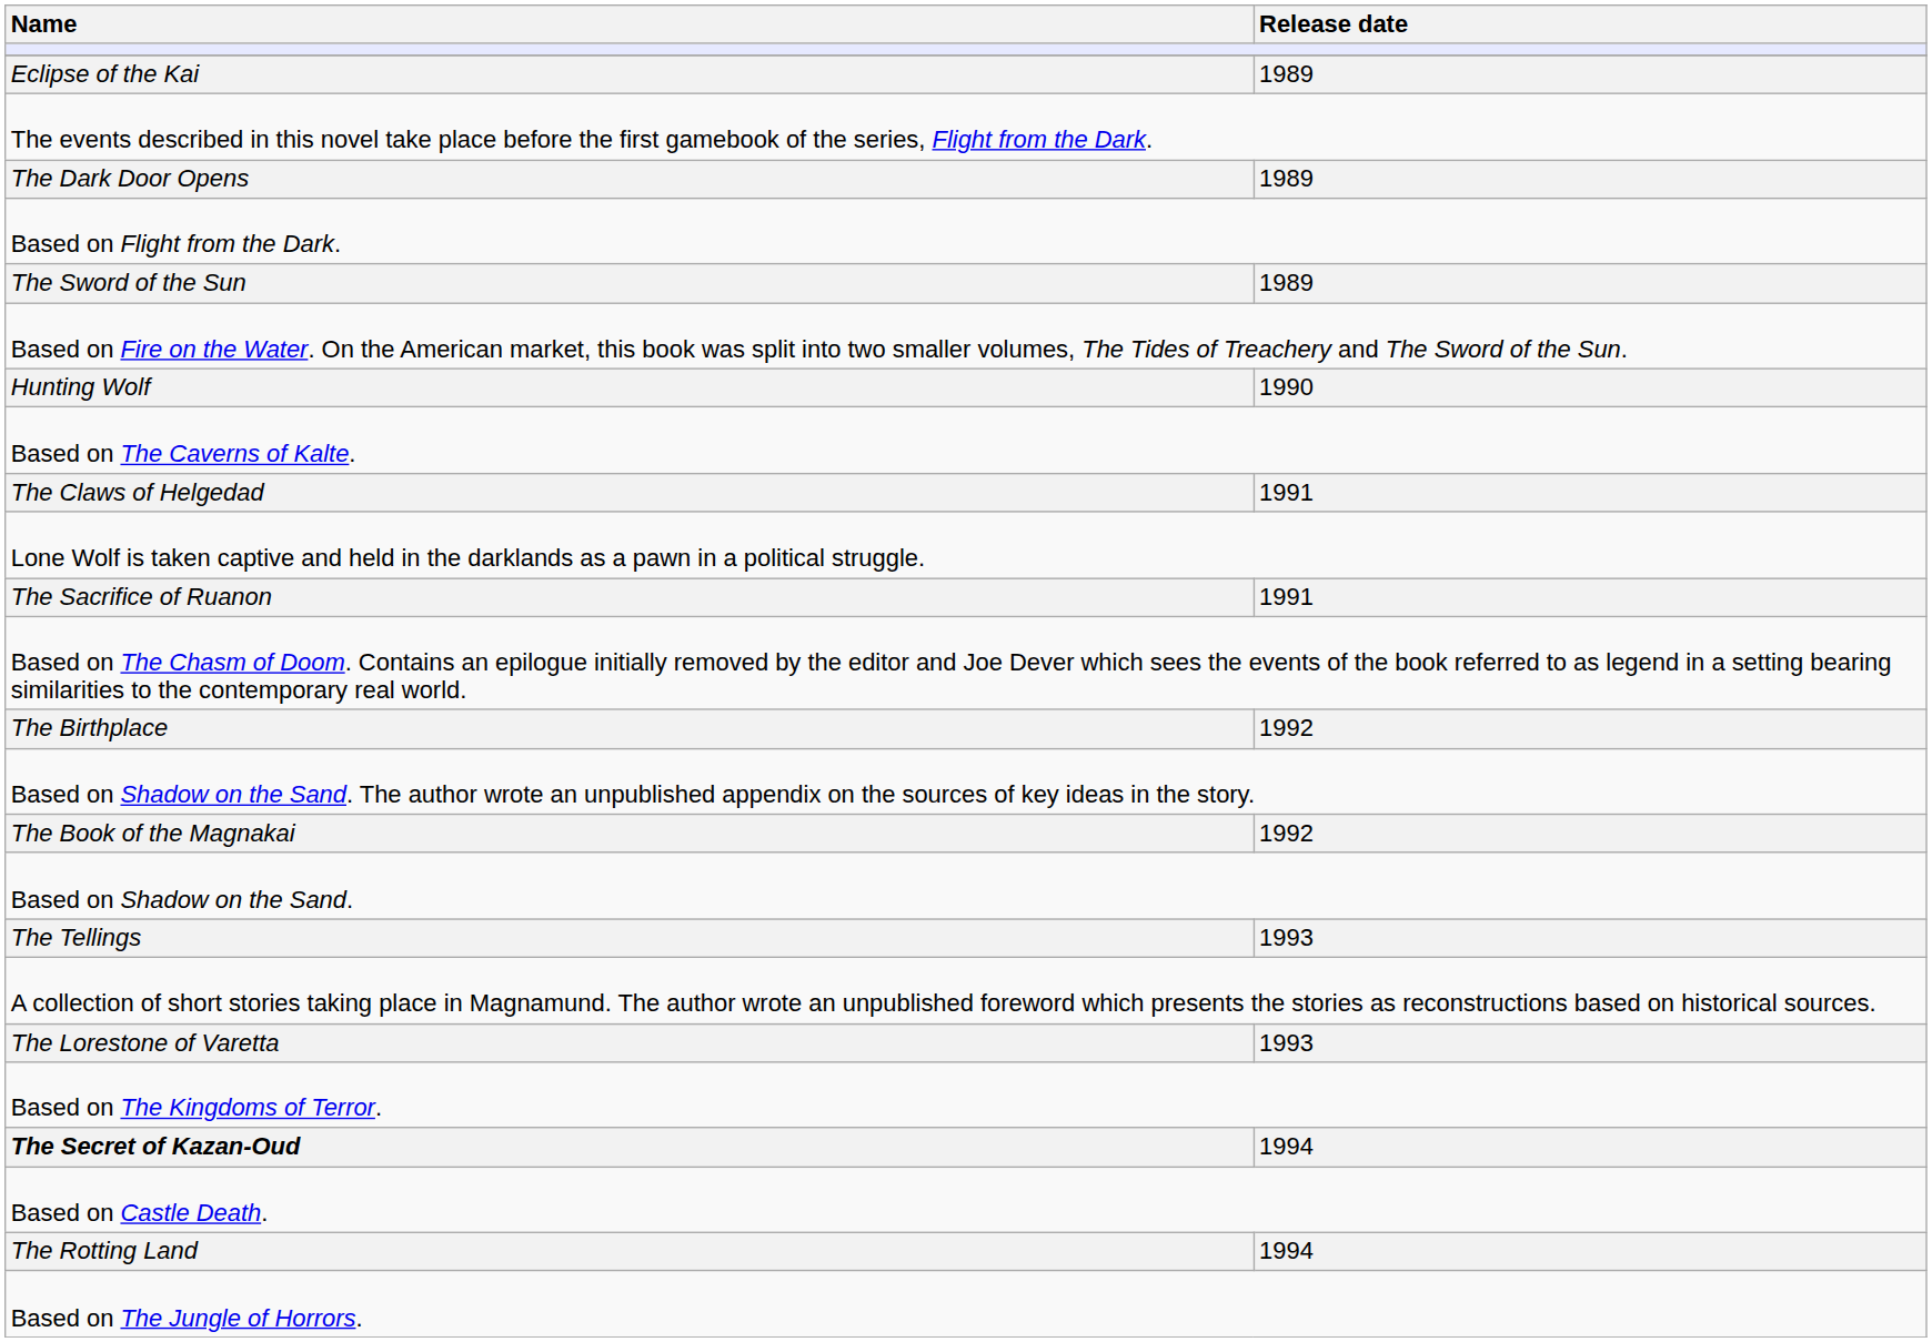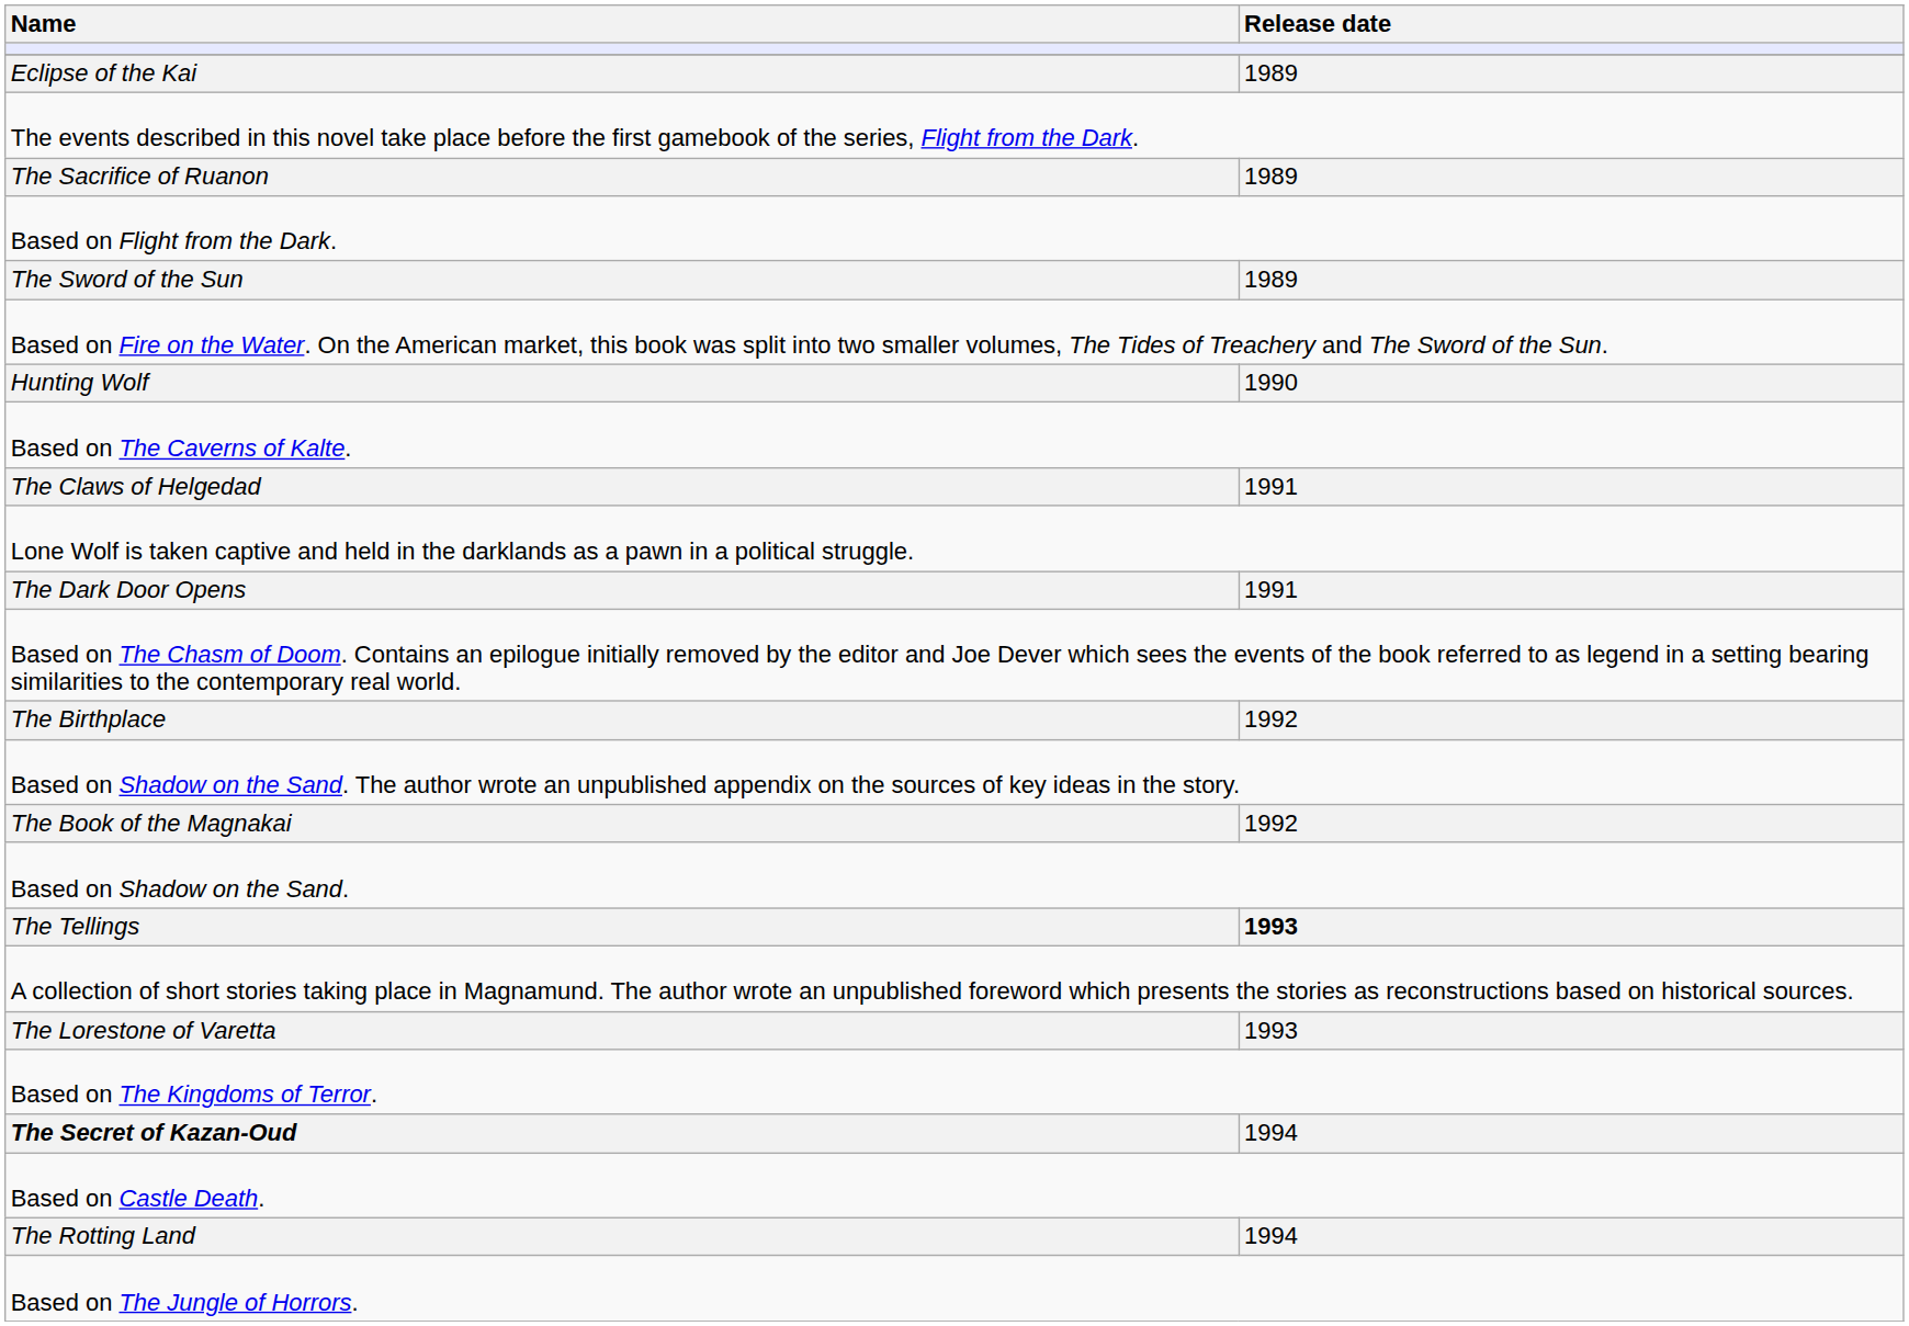 <table class="wikitable" width="100%">
 <tr>
 <th style="text-align:left;">Name</th>
 <th style="text-align:left;">Release date</th>
 </tr>
 <tr>
 <td colspan="2" bgcolor="#e6e9ff"></td>
 </tr>
 <tr>
 </tr>
 <tr bgcolor="#F2F2F2" align="left">
 <td><em>Eclipse of the Kai</em></td>
 <td>1989</td>
 </tr>
 <tr>
 <td colspan="2" style="border: none; vertical-align: top;"><br>The events described in this novel take place before the first gamebook of the series, <em><a href='#'>Flight from the Dark</a></em>.</td>
 </tr>
 <tr bgcolor="#F2F2F2" align="left">
-<td><em>The Dark Door Opens</em></td>
+<td><em>The Sacrifice of Ruanon</em></td>
 <td>1989</td>
 </tr>
 <tr>
 <td colspan="2" style="border: none; vertical-align: top;"><br>Based on <em>Flight from the Dark</em>.</td>
 </tr>
 <tr bgcolor="#F2F2F2" align="left">
 <td><em>The Sword of the Sun</em></td>
 <td>1989</td>
 </tr>
 <tr>
 <td colspan="2" style="border: none; vertical-align: top;"><br>Based on <em><a href='#'>Fire on the Water</a></em>. On the American market, this book was split into two smaller volumes, <em>The Tides of Treachery</em> and <em>The Sword of the Sun</em>.</td>
 </tr>
 <tr bgcolor="#F2F2F2" align="left">
 <td><em>Hunting Wolf</em></td>
 <td>1990</td>
 </tr>
 <tr>
 <td colspan="2" style="border: none; vertical-align: top;"><br>Based on <em><a href='#'>The Caverns of Kalte</a></em>.</td>
 </tr>
 <tr bgcolor="#F2F2F2" align="left">
 <td><em>The Claws of Helgedad</em></td>
 <td>1991</td>
 </tr>
 <tr>
 <td colspan="2" style="border: none; vertical-align: top;"><br>Lone Wolf is taken captive and held in the darklands as a pawn in a political struggle.</td>
 </tr>
 <tr bgcolor="#F2F2F2" align="left">
-<td><em>The Sacrifice of Ruanon</em></td>
+<td><em>The Dark Door Opens</em></td>
 <td>1991</td>
 </tr>
 <tr>
 <td colspan="2" style="border: none; vertical-align: top;"><br>Based on <em><a href='#'>The Chasm of Doom</a></em>. Contains an epilogue initially removed by the editor and Joe Dever which sees the events of the book referred to as legend in a setting bearing similarities to the contemporary real world.</td>
 </tr>
 <tr bgcolor="#F2F2F2" align="left">
 <td><em>The Birthplace</em></td>
 <td>1992</td>
 </tr>
 <tr>
 <td colspan="2" style="border: none; vertical-align: top;"><br>Based on <em><a href='#'>Shadow on the Sand</a></em>. The author wrote an unpublished appendix on the sources of key ideas in the story.</td>
 </tr>
 <tr bgcolor="#F2F2F2" align="left">
 <td><em>The Book of the Magnakai</em></td>
 <td>1992</td>
 </tr>
 <tr>
 <td colspan="2" style="border: none; vertical-align: top;"><br>Based on <em>Shadow on the Sand</em>.</td>
 </tr>
 <tr bgcolor="#F2F2F2" align="left">
 <td><em>The Tellings</em></td>
-<td>1993</td>
+<td><strong>1993</strong></td>
 </tr>
 <tr>
 <td colspan="2" style="border: none; vertical-align: top;"><br>A collection of short stories taking place in Magnamund. The author wrote an unpublished foreword which presents the stories as reconstructions based on historical sources.</td>
 </tr>
 <tr bgcolor="#F2F2F2" align="left">
 <td><em>The Lorestone of Varetta</em></td>
 <td>1993</td>
 </tr>
 <tr>
 <td colspan="2" style="border: none; vertical-align: top;"><br>Based on <em><a href='#'>The Kingdoms of Terror</a></em>.</td>
 </tr>
 <tr bgcolor="#F2F2F2" align="left">
 <td><strong><em>The Secret of Kazan-Oud</em></strong></td>
 <td>1994</td>
 </tr>
 <tr>
 <td colspan="2" style="border: none; vertical-align: top;"><br>Based on <em><a href='#'>Castle Death</a></em>.</td>
 </tr>
 <tr bgcolor="#F2F2F2" align="left">
 <td><em>The Rotting Land</em></td>
 <td>1994</td>
 </tr>
 <tr>
 <td colspan="2" style="border: none; vertical-align: top;"><br>Based on <em><a href='#'>The Jungle of Horrors</a></em>.</td>
 </tr>
 </table>
